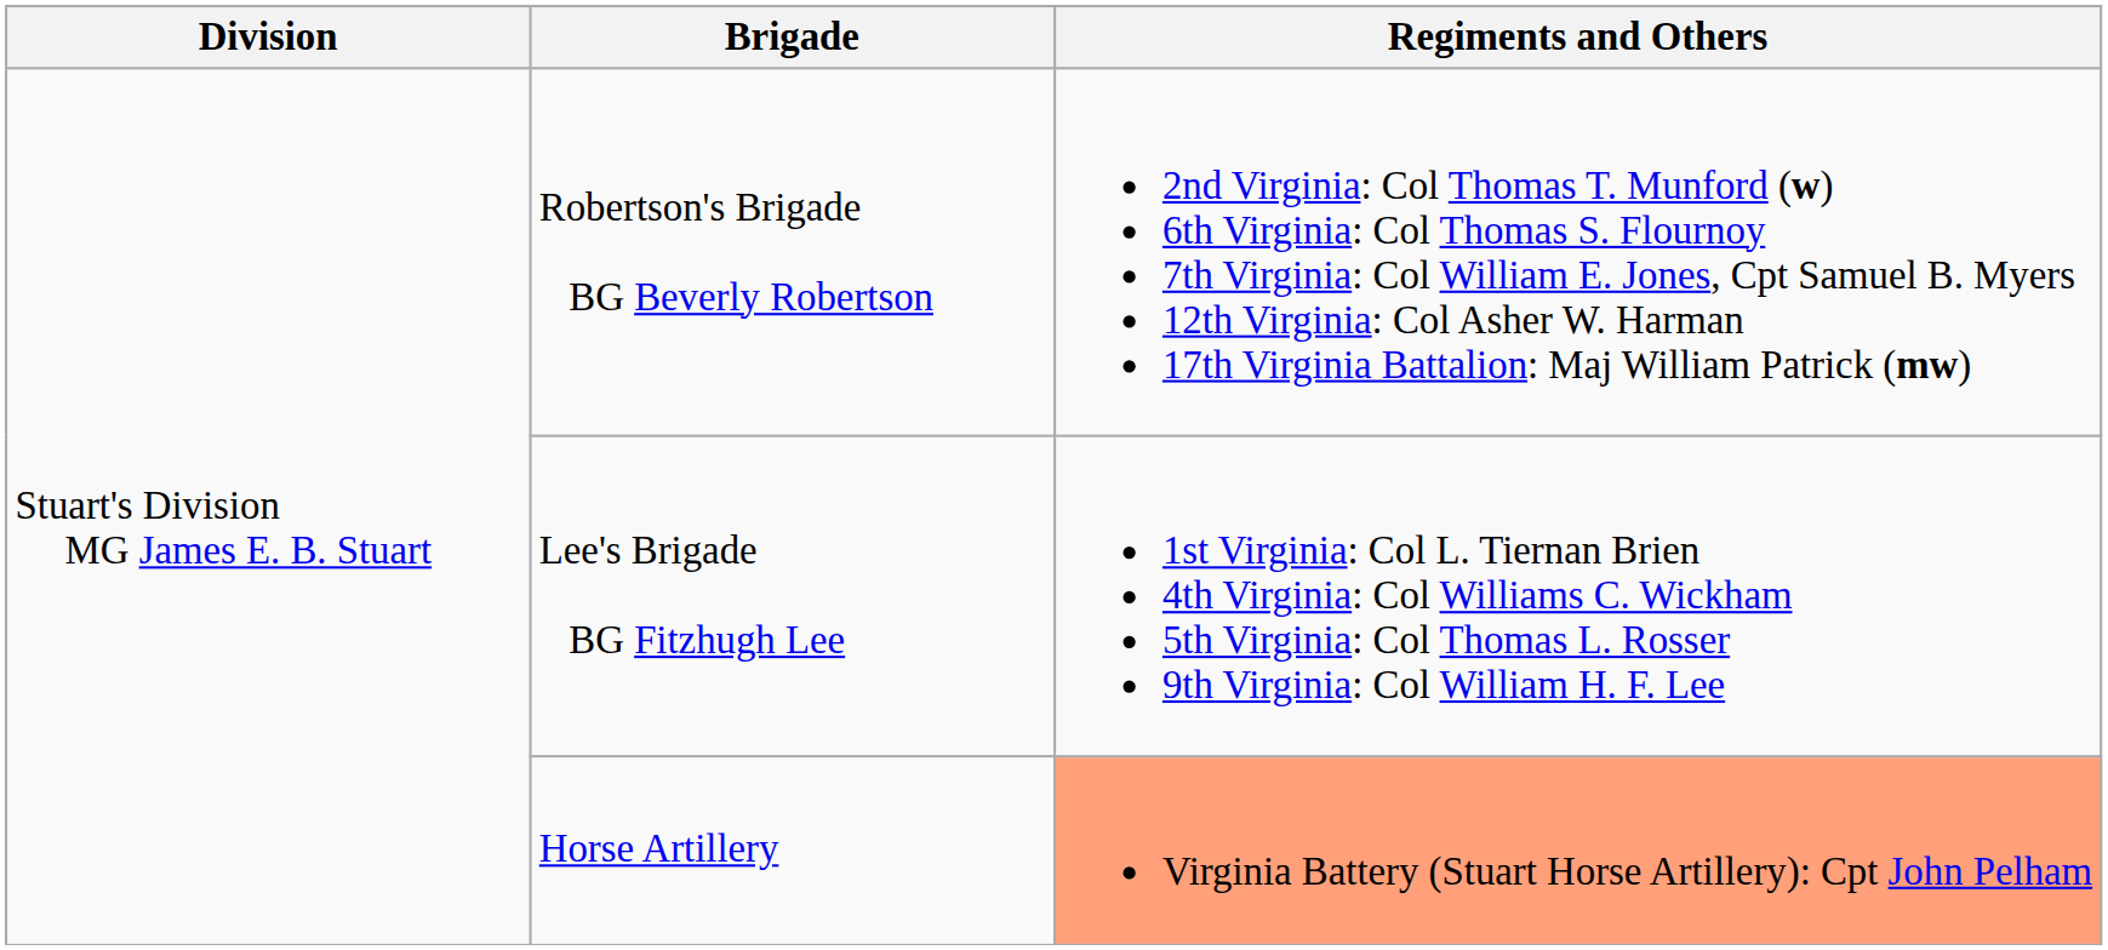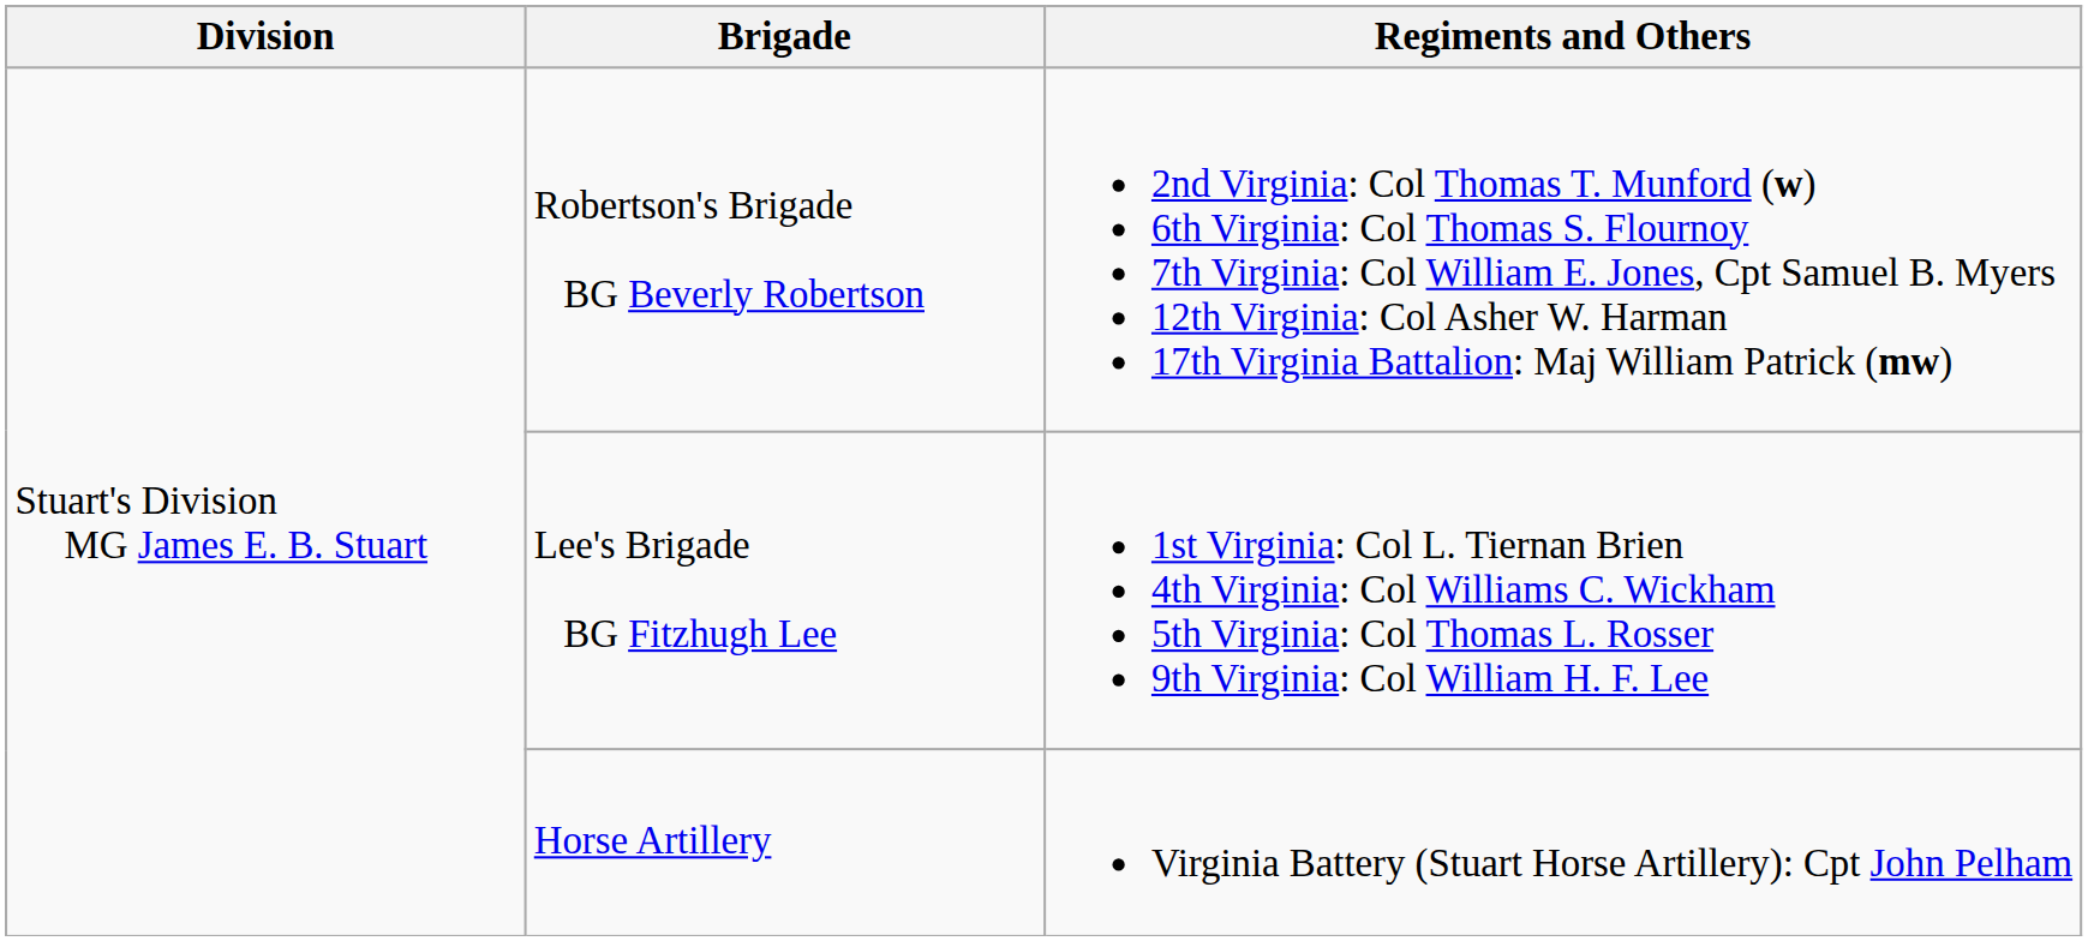 <table class="wikitable">
 <tr>
 <th width=25%>Division</th>
 <th width=25%>Brigade</th>
 <th>Regiments and Others</th>
 </tr>
 <tr>
 <td rowspan=3><br>Stuart's Division <br>     MG <a href='#'>James E. B. Stuart</a></td>
 <td>Robertson's Brigade<br><br>   BG <a href='#'>Beverly Robertson</a></td>
 <td><br><ul><li><a href='#'>2nd Virginia</a>: Col <a href='#'>Thomas T. Munford</a> (<strong>w</strong>)</li><li><a href='#'>6th Virginia</a>: Col <a href='#'>Thomas S. Flournoy</a></li><li><a href='#'>7th Virginia</a>: Col <a href='#'>William E. Jones</a>, Cpt Samuel B. Myers</li><li><a href='#'>12th Virginia</a>: Col Asher W. Harman</li><li><a href='#'>17th Virginia Battalion</a>: Maj William Patrick (<strong>mw</strong>)</li></ul></td>
 </tr>
 <tr>
 <td>Lee's Brigade<br><br>   BG <a href='#'>Fitzhugh Lee</a></td>
 <td><br><ul><li><a href='#'>1st Virginia</a>: Col L. Tiernan Brien</li><li><a href='#'>4th Virginia</a>: Col <a href='#'>Williams C. Wickham</a></li><li><a href='#'>5th Virginia</a>: Col <a href='#'>Thomas L. Rosser</a></li><li><a href='#'>9th Virginia</a>: Col <a href='#'>William H. F. Lee</a></li></ul></td>
 </tr>
 <tr>
 <td><a href='#'>Horse Artillery</a></td>
-<td style="background: lightsalmon;"><br><ul><li>Virginia Battery (Stuart Horse Artillery): Cpt <a href='#'>John Pelham</a></li></ul></td>
+<td><br><ul><li>Virginia Battery (Stuart Horse Artillery): Cpt <a href='#'>John Pelham</a></li></ul></td>
 </tr>
 </table>
